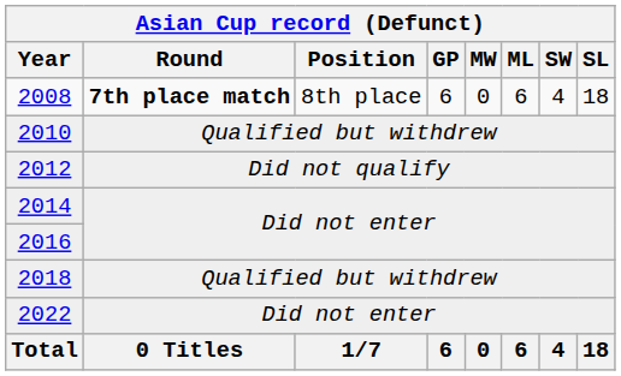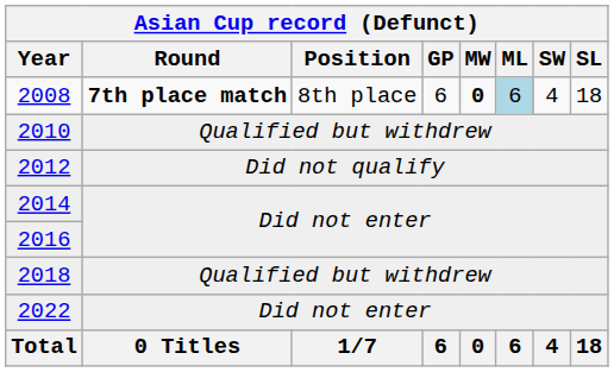 <table class="wikitable collapsible collapsed" style="text-align: center;">
 <tr>
 <th colspan=8><a href='#'>Asian Cup record</a> (Defunct)</th>
 </tr>
 <tr>
 <th>Year</th>
 <th>Round</th>
 <th>Position</th>
 <th>GP</th>
 <th>MW</th>
 <th>ML</th>
 <th>SW</th>
 <th>SL</th>
 </tr>
 <tr>
 <td> <a href='#'>2008</a></td>
 <td><strong>7th place match</strong></td>
 <td>8th place</td>
 <td>6</td>
-<td>0</td>
-<td>6</td>
+<td><strong>0</strong></td>
+<td style="background: lightblue;">6</td>
 <td>4</td>
 <td>18</td>
 </tr>
 <tr bgcolor="efefef">
 <td> <a href='#'>2010</a></td>
 <td colspan=8 rowspan=1><em>Qualified but withdrew</em></td>
 </tr>
 <tr bgcolor="efefef">
 <td> <a href='#'>2012</a></td>
 <td colspan=8 rowspan=1><em>Did not qualify</em></td>
 </tr>
 <tr bgcolor="efefef">
 <td> <a href='#'>2014</a></td>
 <td colspan=8 rowspan=2><em>Did not enter</em></td>
 </tr>
 <tr bgcolor="efefef">
 <td> <a href='#'>2016</a></td>
 </tr>
 <tr bgcolor="efefef">
 <td> <a href='#'>2018</a></td>
 <td colspan=8 rowspan=1><em>Qualified but withdrew</em></td>
 </tr>
 <tr bgcolor="efefef">
 <td> <a href='#'>2022</a></td>
 <td colspan=8 rowspan=1><em>Did not enter</em></td>
 </tr>
 <tr>
 <th>Total</th>
 <th>0 Titles</th>
 <th>1/7</th>
 <th>6</th>
 <th>0</th>
 <th>6</th>
 <th>4</th>
 <th>18</th>
 </tr>
 </table>
